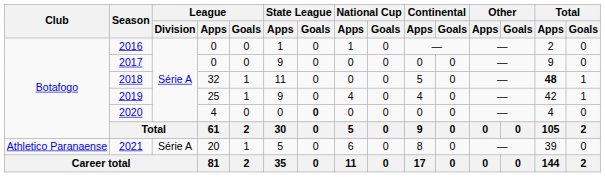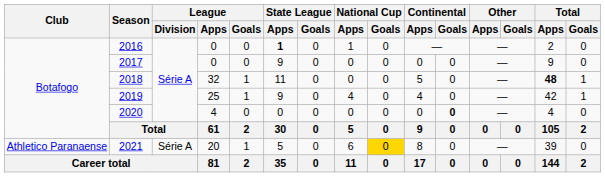 <table class="wikitable" style="text-align: center;">
 <tr>
 <th rowspan="2">Club</th>
 <th rowspan="2">Season</th>
 <th colspan="3">League</th>
 <th colspan="2">State League</th>
 <th colspan="2">National Cup</th>
 <th colspan="2">Continental</th>
 <th colspan="2">Other</th>
 <th colspan="2">Total</th>
 </tr>
 <tr>
 <th>Division</th>
 <th>Apps</th>
 <th>Goals</th>
 <th>Apps</th>
 <th>Goals</th>
 <th>Apps</th>
 <th>Goals</th>
 <th>Apps</th>
 <th>Goals</th>
 <th>Apps</th>
 <th>Goals</th>
 <th>Apps</th>
 <th>Goals</th>
 </tr>
 <tr>
 <td rowspan="6" valign="center"><a href='#'>Botafogo</a></td>
 <td><a href='#'>2016</a></td>
 <td rowspan="5"><a href='#'>Série A</a></td>
 <td>0</td>
 <td>0</td>
-<td>1</td>
+<td><strong>1</strong></td>
 <td>0</td>
 <td>1</td>
 <td>0</td>
 <td colspan="2">—</td>
 <td colspan="2">—</td>
 <td>2</td>
 <td>0</td>
 </tr>
 <tr>
 <td><a href='#'>2017</a></td>
 <td>0</td>
 <td>0</td>
 <td>9</td>
 <td>0</td>
 <td>0</td>
 <td>0</td>
 <td>0</td>
 <td>0</td>
 <td colspan="2">—</td>
 <td>9</td>
 <td>0</td>
 </tr>
 <tr>
 <td><a href='#'>2018</a></td>
 <td>32</td>
 <td>1</td>
 <td>11</td>
 <td>0</td>
 <td>0</td>
 <td>0</td>
 <td>5</td>
 <td>0</td>
 <td colspan="2">—</td>
 <td><strong>48</strong></td>
 <td>1</td>
 </tr>
 <tr>
 <td><a href='#'>2019</a></td>
 <td>25</td>
 <td>1</td>
 <td>9</td>
 <td>0</td>
 <td>4</td>
 <td>0</td>
 <td>4</td>
 <td>0</td>
 <td colspan="2">—</td>
 <td>42</td>
 <td>1</td>
 </tr>
 <tr>
 <td><a href='#'>2020</a></td>
 <td>4</td>
 <td>0</td>
 <td>0</td>
-<td><strong>0</strong></td>
 <td>0</td>
 <td>0</td>
 <td>0</td>
 <td>0</td>
+<td><strong>0</strong></td>
 <td colspan="2">—</td>
 <td>4</td>
 <td>0</td>
 </tr>
 <tr>
 <th colspan="2">Total</th>
 <th>61</th>
 <th>2</th>
 <th>30</th>
 <th>0</th>
 <th>5</th>
 <th>0</th>
 <th>9</th>
 <th>0</th>
 <th>0</th>
 <th>0</th>
 <th>105</th>
 <th>2</th>
 </tr>
 <tr>
 <td valign="center"><a href='#'>Athletico Paranaense</a></td>
 <td><a href='#'>2021</a></td>
 <td>Série A</td>
 <td>20</td>
 <td>1</td>
 <td>5</td>
 <td>0</td>
 <td>6</td>
-<td>0</td>
+<td style="background: gold;">0</td>
 <td>8</td>
 <td>0</td>
 <td colspan="2">—</td>
 <td>39</td>
 <td>0</td>
 </tr>
 <tr>
 <th colspan="3"><strong>Career total</strong></th>
 <th>81</th>
 <th>2</th>
 <th>35</th>
 <th>0</th>
 <th>11</th>
 <th>0</th>
 <th>17</th>
 <th>0</th>
 <th>0</th>
 <th>0</th>
 <th>144</th>
 <th>2</th>
 </tr>
 </table>
